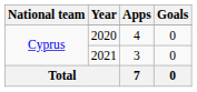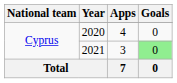 <table class=wikitable style="text-align: center;">
 <tr>
 <th>National team</th>
 <th>Year</th>
 <th>Apps</th>
 <th>Goals</th>
 </tr>
 <tr>
 <td rowspan="3"><a href='#'>Cyprus</a></td>
 </tr>
 <tr>
 <td>2020</td>
 <td>4</td>
 <td>0</td>
 </tr>
 <tr>
 <td>2021</td>
 <td>3</td>
-<td>0</td>
+<td style="background: lightgreen;">0</td>
 </tr>
 <tr>
 <th colspan=2>Total</th>
 <th>7</th>
 <th>0</th>
 </tr>
 </table>
